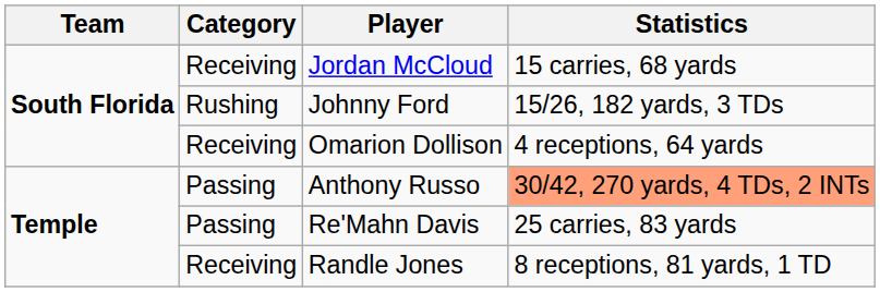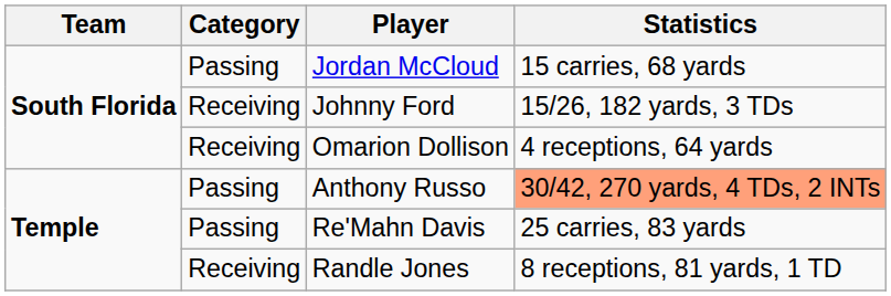 <table class="wikitable" style="float: left;">
 <tr>
 <th>Team</th>
 <th>Category</th>
 <th>Player</th>
 <th>Statistics</th>
 </tr>
 <tr>
 <td rowspan=3><strong>South Florida</strong></td>
-<td>Receiving</td>
+<td>Passing</td>
 <td><a href='#'>Jordan McCloud</a></td>
 <td>15 carries, 68 yards</td>
 </tr>
 <tr>
-<td>Rushing</td>
+<td>Receiving</td>
 <td>Johnny Ford</td>
 <td>15/26, 182 yards, 3 TDs</td>
 </tr>
 <tr>
 <td>Receiving</td>
 <td>Omarion Dollison</td>
 <td>4 receptions, 64 yards</td>
 </tr>
 <tr>
 <td rowspan=3><strong>Temple</strong></td>
 <td>Passing</td>
 <td>Anthony Russo</td>
 <td style="background: lightsalmon;">30/42, 270 yards, 4 TDs, 2 INTs</td>
 </tr>
 <tr>
 <td>Passing</td>
 <td>Re'Mahn Davis</td>
 <td>25 carries, 83 yards</td>
 </tr>
 <tr>
 <td>Receiving</td>
 <td>Randle Jones</td>
 <td>8 receptions, 81 yards, 1 TD</td>
 </tr>
 </table>
